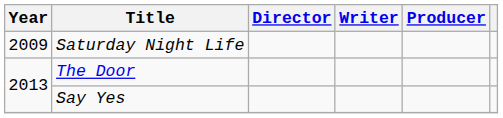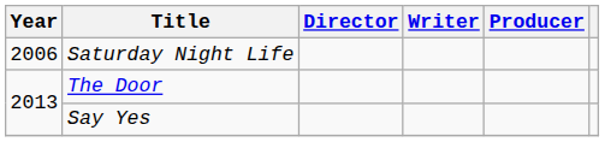 <table class="wikitable">
 <tr>
 <th>Year</th>
 <th>Title</th>
 <th><a href='#'>Director</a></th>
 <th><a href='#'>Writer</a></th>
 <th><a href='#'>Producer</a></th>
 <th></th>
 </tr>
 <tr>
-<td>2009</td>
+<td>2006</td>
 <td><em>Saturday Night Life</em></td>
 <td></td>
 <td></td>
 <td></td>
 <td></td>
 </tr>
 <tr>
 <td rowspan=2>2013</td>
 <td><em><a href='#'>The Door</a></em></td>
 <td></td>
 <td></td>
 <td></td>
 <td></td>
 </tr>
 <tr>
 <td><em>Say Yes</em></td>
 <td></td>
 <td></td>
 <td></td>
 <td></td>
 </tr>
 <tr>
 </tr>
 </table>
